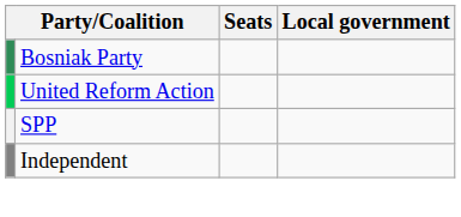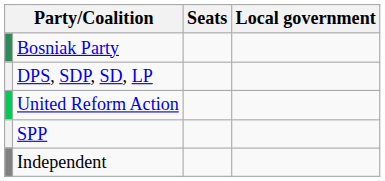 <table class="wikitable" style="text-align:left;">
 <tr>
 <th colspan=2>Party/Coalition</th>
 <th>Seats</th>
 <th>Local government</th>
 </tr>
 <tr>
 <th style="background-color: #2E8B57"></th>
 <td><a href='#'>Bosniak Party</a></td>
+<td></td>
+<td></td>
+</tr>
+<tr>
+<th style="background-color: "></th>
+<td><a href='#'>DPS</a>, <a href='#'>SDP</a>, <a href='#'>SD</a>, <a href='#'>LP</a></td>
 <td></td>
 <td></td>
 </tr>
 <tr>
 <th style="background-color: #00cc55"></th>
 <td><a href='#'>United Reform Action</a></td>
 <td></td>
 <td></td>
 </tr>
 <tr>
 <th style="background-color: "></th>
 <td><a href='#'>SPP</a></td>
 <td></td>
 <td></td>
 </tr>
 <tr>
 <th style="background-color: #808080"></th>
 <td>Independent</td>
 <td></td>
 <td></td>
 </tr>
 </table>
